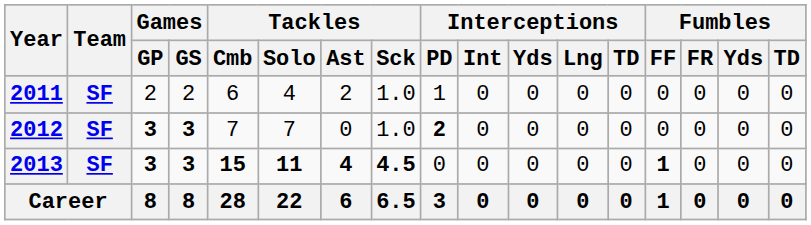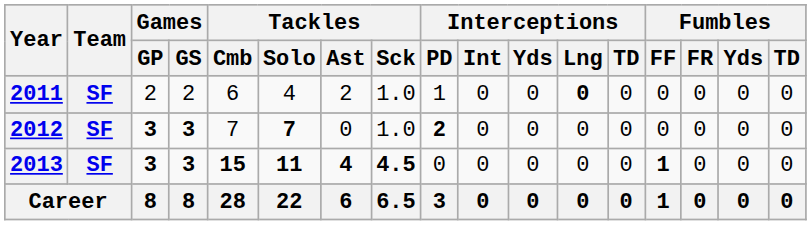 <table class="wikitable" style="text-align:center;">
 <tr>
 <th rowspan="2">Year</th>
 <th rowspan="2">Team</th>
 <th colspan="2">Games</th>
 <th colspan="4">Tackles</th>
 <th colspan="5">Interceptions</th>
 <th colspan="4">Fumbles</th>
 </tr>
 <tr>
 <th>GP</th>
 <th>GS</th>
 <th>Cmb</th>
 <th>Solo</th>
 <th>Ast</th>
 <th>Sck</th>
 <th>PD</th>
 <th>Int</th>
 <th>Yds</th>
 <th>Lng</th>
 <th>TD</th>
 <th>FF</th>
 <th>FR</th>
 <th>Yds</th>
 <th>TD</th>
 </tr>
 <tr>
 <th><a href='#'>2011</a></th>
 <th><a href='#'>SF</a></th>
 <td>2</td>
 <td>2</td>
 <td>6</td>
 <td>4</td>
 <td>2</td>
 <td>1.0</td>
 <td>1</td>
 <td>0</td>
 <td>0</td>
-<td>0</td>
+<td><strong>0</strong></td>
 <td>0</td>
 <td>0</td>
 <td>0</td>
 <td>0</td>
 <td>0</td>
 </tr>
 <tr>
 <th><a href='#'>2012</a></th>
 <th><a href='#'>SF</a></th>
 <td><strong>3</strong></td>
 <td><strong>3</strong></td>
 <td>7</td>
-<td>7</td>
+<td><strong>7</strong></td>
 <td>0</td>
 <td>1.0</td>
 <td><strong>2</strong></td>
 <td>0</td>
 <td>0</td>
 <td>0</td>
 <td>0</td>
 <td>0</td>
 <td>0</td>
 <td>0</td>
 <td>0</td>
 </tr>
 <tr>
 <th><a href='#'>2013</a></th>
 <th><a href='#'>SF</a></th>
 <td><strong>3</strong></td>
 <td><strong>3</strong></td>
 <td><strong>15</strong></td>
 <td><strong>11</strong></td>
 <td><strong>4</strong></td>
 <td><strong>4.5</strong></td>
 <td>0</td>
 <td>0</td>
 <td>0</td>
 <td>0</td>
 <td>0</td>
 <td><strong>1</strong></td>
 <td>0</td>
 <td>0</td>
 <td>0</td>
 </tr>
 <tr>
 <th colspan="2">Career</th>
 <th>8</th>
 <th>8</th>
 <th>28</th>
 <th>22</th>
 <th>6</th>
 <th>6.5</th>
 <th>3</th>
 <th>0</th>
 <th>0</th>
 <th>0</th>
 <th>0</th>
 <th>1</th>
 <th>0</th>
 <th>0</th>
 <th>0</th>
 </tr>
 </table>
